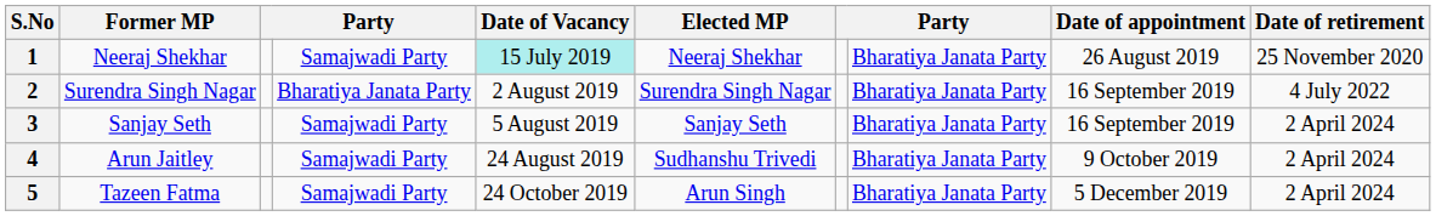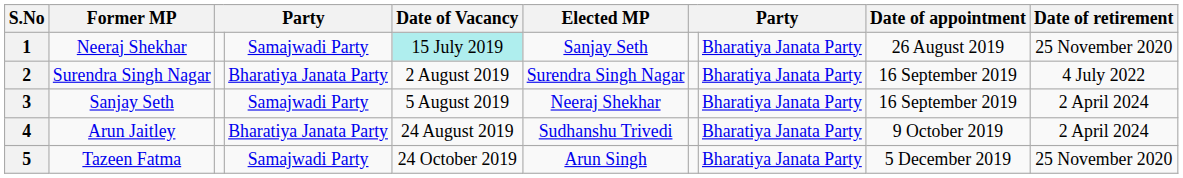 <table class="wikitable sortable">
 <tr>
 <th>S.No</th>
 <th>Former MP</th>
 <th colspan=2>Party</th>
 <th>Date of Vacancy</th>
 <th>Elected MP</th>
 <th colspan=2>Party</th>
 <th>Date of appointment</th>
 <th>Date of retirement</th>
 </tr>
 <tr style="text-align:center;">
 <th>1</th>
 <td><a href='#'>Neeraj Shekhar</a></td>
 <td width="1"></td>
 <td><a href='#'>Samajwadi Party</a></td>
 <td style="background: paleturquoise;">15 July 2019</td>
-<td><a href='#'>Neeraj Shekhar</a></td>
+<td><a href='#'>Sanjay Seth</a></td>
 <td width="1"></td>
 <td><a href='#'>Bharatiya Janata Party</a></td>
 <td>26 August 2019</td>
 <td>25 November 2020</td>
 </tr>
 <tr style="text-align:center;">
 <th>2</th>
 <td><a href='#'>Surendra Singh Nagar</a></td>
 <td width="1"></td>
 <td><a href='#'>Bharatiya Janata Party</a></td>
 <td>2 August 2019</td>
 <td><a href='#'>Surendra Singh Nagar</a></td>
 <td width="1"></td>
 <td><a href='#'>Bharatiya Janata Party</a></td>
 <td>16 September 2019</td>
 <td>4 July 2022</td>
 </tr>
 <tr style="text-align:center;">
 <th>3</th>
 <td><a href='#'>Sanjay Seth</a></td>
 <td width="1"></td>
 <td><a href='#'>Samajwadi Party</a></td>
 <td>5 August 2019</td>
-<td><a href='#'>Sanjay Seth</a></td>
+<td><a href='#'>Neeraj Shekhar</a></td>
 <td width="1"></td>
 <td><a href='#'>Bharatiya Janata Party</a></td>
 <td>16 September 2019</td>
 <td>2 April 2024</td>
 </tr>
 <tr style="text-align:center;">
 <th>4</th>
 <td><a href='#'>Arun Jaitley</a></td>
 <td width="1"></td>
-<td><a href='#'>Samajwadi Party</a></td>
+<td><a href='#'>Bharatiya Janata Party</a></td>
 <td>24 August 2019</td>
 <td><a href='#'>Sudhanshu Trivedi</a></td>
 <td width="1"></td>
 <td><a href='#'>Bharatiya Janata Party</a></td>
 <td>9 October 2019</td>
 <td>2 April 2024</td>
 </tr>
 <tr style="text-align:center;">
 <th>5</th>
 <td><a href='#'>Tazeen Fatma</a></td>
 <td width="1"></td>
 <td><a href='#'>Samajwadi Party</a></td>
 <td>24 October 2019</td>
 <td><a href='#'>Arun Singh</a></td>
 <td width="1"></td>
 <td><a href='#'>Bharatiya Janata Party</a></td>
 <td>5 December 2019</td>
-<td>2 April 2024</td>
+<td>25 November 2020</td>
 </tr>
 </table>
